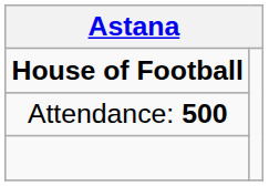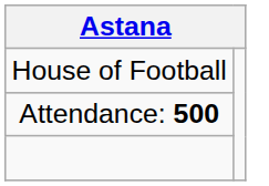 <table class="wikitable" style="text-align:center;">
 <tr>
 <th colspan=2 align="center"><a href='#'>Astana</a></th>
 </tr>
 <tr>
-<td><strong>House of Football</strong></td>
+<td>House of Football</td>
 <td rowspan=3 align="center"></td>
 </tr>
 <tr>
 <td>Attendance: <strong>500</strong></td>
 </tr>
 <tr>
 <td> </td>
 </tr>
 </table>
